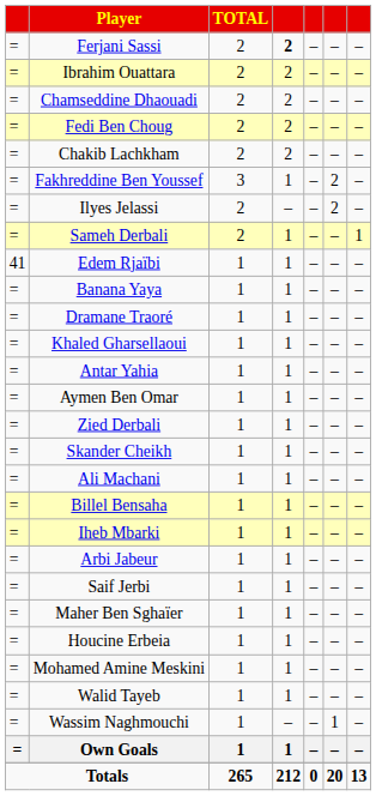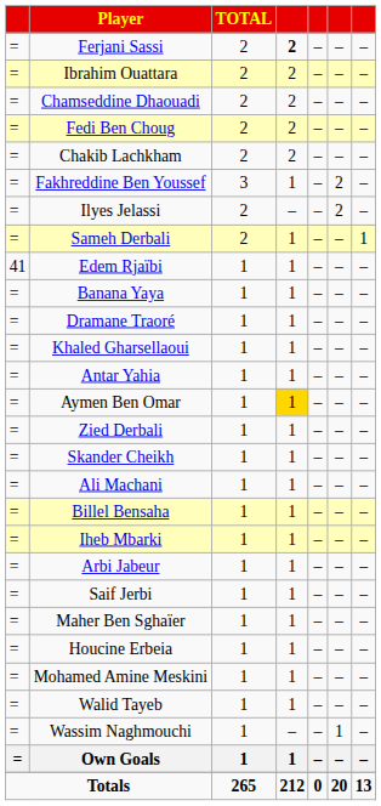 <table border="0" class="wikitable" style="text-align:center;font-size:95%">
 <tr>
 <th scope=col style="color:#FFFF00; background:#E60000;"></th>
 <th scope=col style="color:#FFFF00; background:#E60000;">Player</th>
 <th scope=col style="color:#FFFF00; background:#E60000;">TOTAL</th>
 <th scope=col style="color:#FFFF00; background:#E60000;" width=10><a href='#'></a></th>
 <th scope=col style="color:#FFFF00; background:#E60000;" width=10><a href='#'></a></th>
 <th scope=col style="color:#FFFF00; background:#E60000;" width=10><s><a href='#'></a></s> <a href='#'></a></th>
 <th scope=col style="color:#FFFF00; background:#E60000;" width=10><a href='#'></a> <a href='#'></a></th>
 </tr>
 <tr>
 <td align=left>=</td>
 <td> <a href='#'>Ferjani Sassi</a></td>
 <td align=center>2</td>
 <td><strong>2</strong></td>
 <td>–</td>
 <td>–</td>
 <td>–</td>
 </tr>
 <tr style="background:#ffb">
 <td align=left>=</td>
 <td> Ibrahim Ouattara</td>
 <td align=center>2</td>
 <td>2</td>
 <td>–</td>
 <td>–</td>
 <td>–</td>
 </tr>
 <tr>
 <td align=left>=</td>
 <td> <a href='#'>Chamseddine Dhaouadi</a></td>
 <td align=center>2</td>
 <td>2</td>
 <td>–</td>
 <td>–</td>
 <td>–</td>
 </tr>
 <tr style="background:#ffb">
 <td align=left>=</td>
 <td> <a href='#'>Fedi Ben Choug</a></td>
 <td align=center>2</td>
 <td>2</td>
 <td>–</td>
 <td>–</td>
 <td>–</td>
 </tr>
 <tr>
 <td align=left>=</td>
 <td> Chakib Lachkham</td>
 <td align=center>2</td>
 <td>2</td>
 <td>–</td>
 <td>–</td>
 <td>–</td>
 </tr>
 <tr>
 <td align=left>=</td>
 <td> <a href='#'>Fakhreddine Ben Youssef</a></td>
 <td align=center>3</td>
 <td>1</td>
 <td>–</td>
 <td>2</td>
 <td>–</td>
 </tr>
 <tr>
 <td align=left>=</td>
 <td> Ilyes Jelassi</td>
 <td align=center>2</td>
 <td>–</td>
 <td>–</td>
 <td>2</td>
 <td>–</td>
 </tr>
 <tr style="background:#ffb">
 <td align=left>=</td>
 <td> <a href='#'>Sameh Derbali</a></td>
 <td align=center>2</td>
 <td>1</td>
 <td>–</td>
 <td>–</td>
 <td>1</td>
 </tr>
 <tr>
 <td align=left>41</td>
 <td> <a href='#'>Edem Rjaïbi</a></td>
 <td align=center>1</td>
 <td>1</td>
 <td>–</td>
 <td>–</td>
 <td>–</td>
 </tr>
 <tr>
 <td align=left>=</td>
 <td> <a href='#'>Banana Yaya</a></td>
 <td align=center>1</td>
 <td>1</td>
 <td>–</td>
 <td>–</td>
 <td>–</td>
 </tr>
 <tr>
 <td align=left>=</td>
 <td> <a href='#'>Dramane Traoré</a></td>
 <td align=center>1</td>
 <td>1</td>
 <td>–</td>
 <td>–</td>
 <td>–</td>
 </tr>
 <tr>
 <td align=left>=</td>
 <td> <a href='#'>Khaled Gharsellaoui</a></td>
 <td align=center>1</td>
 <td>1</td>
 <td>–</td>
 <td>–</td>
 <td>–</td>
 </tr>
 <tr>
 <td align=left>=</td>
 <td> <a href='#'>Antar Yahia</a></td>
 <td align=center>1</td>
 <td>1</td>
 <td>–</td>
 <td>–</td>
 <td>–</td>
 </tr>
 <tr>
 <td align=left>=</td>
 <td> Aymen Ben Omar</td>
 <td align=center>1</td>
-<td>1</td>
+<td style="background: gold;">1</td>
 <td>–</td>
 <td>–</td>
 <td>–</td>
 </tr>
 <tr>
 <td align=left>=</td>
 <td> <a href='#'>Zied Derbali</a></td>
 <td align=center>1</td>
 <td>1</td>
 <td>–</td>
 <td>–</td>
 <td>–</td>
 </tr>
 <tr>
 <td align=left>=</td>
 <td> <a href='#'>Skander Cheikh</a></td>
 <td align=center>1</td>
 <td>1</td>
 <td>–</td>
 <td>–</td>
 <td>–</td>
 </tr>
 <tr>
 <td align=left>=</td>
 <td> <a href='#'>Ali Machani</a></td>
 <td align=center>1</td>
 <td>1</td>
 <td>–</td>
 <td>–</td>
 <td>–</td>
 </tr>
 <tr style="background:#ffb">
 <td align=left>=</td>
 <td> <a href='#'>Billel Bensaha</a></td>
 <td align=center>1</td>
 <td>1</td>
 <td>–</td>
 <td>–</td>
 <td>–</td>
 </tr>
 <tr style="background:#ffb">
 <td align=left>=</td>
 <td> <a href='#'>Iheb Mbarki</a></td>
 <td align=center>1</td>
 <td>1</td>
 <td>–</td>
 <td>–</td>
 <td>–</td>
 </tr>
 <tr>
 <td align=left>=</td>
 <td> <a href='#'>Arbi Jabeur</a></td>
 <td align=center>1</td>
 <td>1</td>
 <td>–</td>
 <td>–</td>
 <td>–</td>
 </tr>
 <tr>
 <td align=left>=</td>
 <td> Saif Jerbi</td>
 <td align=center>1</td>
 <td>1</td>
 <td>–</td>
 <td>–</td>
 <td>–</td>
 </tr>
 <tr>
 <td align=left>=</td>
 <td> Maher Ben Sghaïer</td>
 <td align=center>1</td>
 <td>1</td>
 <td>–</td>
 <td>–</td>
 <td>–</td>
 </tr>
 <tr>
 <td align=left>=</td>
 <td> Houcine Erbeia</td>
 <td align=center>1</td>
 <td>1</td>
 <td>–</td>
 <td>–</td>
 <td>–</td>
 </tr>
 <tr>
 <td align=left>=</td>
 <td> Mohamed Amine Meskini</td>
 <td align=center>1</td>
 <td>1</td>
 <td>–</td>
 <td>–</td>
 <td>–</td>
 </tr>
 <tr>
 <td align=left>=</td>
 <td> Walid Tayeb</td>
 <td align=center>1</td>
 <td>1</td>
 <td>–</td>
 <td>–</td>
 <td>–</td>
 </tr>
 <tr>
 <td align=left>=</td>
 <td> Wassim Naghmouchi</td>
 <td align=center>1</td>
 <td>–</td>
 <td>–</td>
 <td>1</td>
 <td>–</td>
 </tr>
 <tr>
 <th align=left>=</th>
 <th>Own Goals</th>
 <th align=center>1</th>
 <th>1</th>
 <th>–</th>
 <th>–</th>
 <th>–</th>
 </tr>
 <tr>
 </tr>
 <tr class="sortbottom">
 <td colspan="2"><strong>Totals</strong></td>
 <td align=center><strong>265</strong></td>
 <td><strong>212</strong></td>
 <td><strong>0</strong></td>
 <td><strong>20</strong></td>
 <td><strong>13</strong></td>
 </tr>
 </table>
